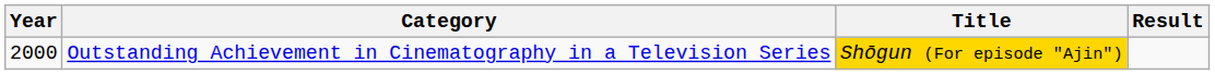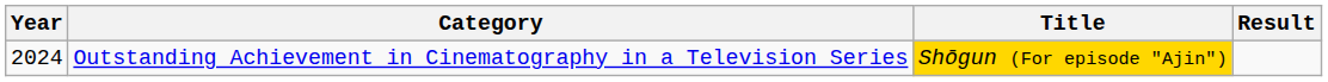 <table class="wikitable">
 <tr>
 <th>Year</th>
 <th>Category</th>
 <th>Title</th>
 <th>Result</th>
 </tr>
 <tr>
-<td>2000</td>
+<td>2024</td>
 <td><a href='#'>Outstanding Achievement in Cinematography in a Television Series</a></td>
 <td style="background: gold;"><em>Shōgun</em> <small>(For episode "Ajin")</small></td>
 <td></td>
 </tr>
 </table>
